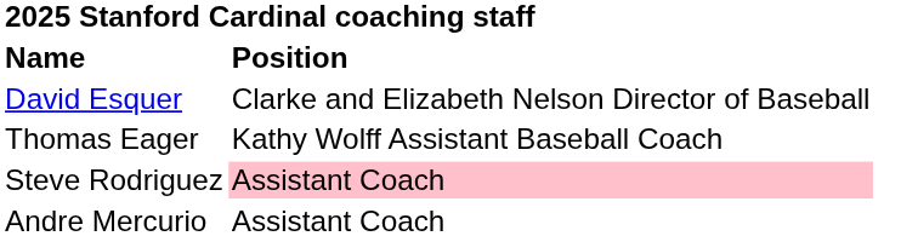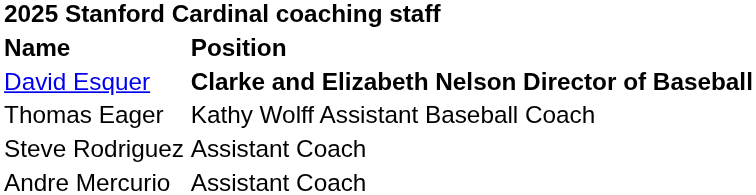 <table class="toccolours" style="text-align: left; font-size:90%;">
 <tr>
 <th colspan="9">2025 Stanford Cardinal coaching staff</th>
 </tr>
 <tr>
 <th>Name</th>
 <th>Position</th>
 </tr>
 <tr>
 <td><a href='#'>David Esquer</a></td>
-<td>Clarke and Elizabeth Nelson Director of Baseball</td>
+<td><strong>Clarke and Elizabeth Nelson Director of Baseball</strong></td>
 </tr>
 <tr>
 <td>Thomas Eager</td>
 <td>Kathy Wolff Assistant Baseball Coach</td>
 </tr>
 <tr>
 <td>Steve Rodriguez</td>
-<td style="background: pink;">Assistant Coach</td>
+<td>Assistant Coach</td>
 </tr>
 <tr>
 <td>Andre Mercurio</td>
 <td>Assistant Coach</td>
 </tr>
 </table>
